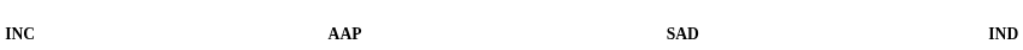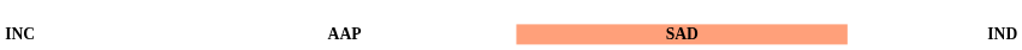 <table style="width:100%; text-align:center;">
 <tr style="color:white;">
 <td style="background:"><strong>7</strong></td>
 <td style="background:"><strong>3</strong></td>
 <td style="background:"><strong>1</strong></td>
 <td style="background:"><span><strong>2</strong></span></td>
 </tr>
 <tr>
 <td><span><strong>INC</strong></span></td>
 <td><span><strong>AAP</strong></span></td>
-<td><span><strong>SAD</strong></span></td>
+<td style="background: lightsalmon;"><span><strong>SAD</strong></span></td>
 <td><span><strong>IND</strong></span></td>
 </tr>
 </table>
